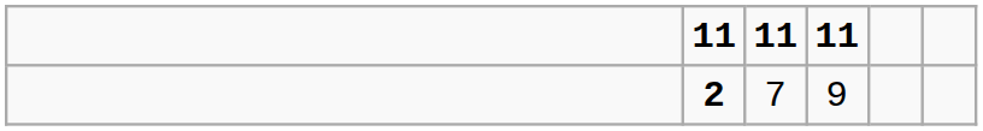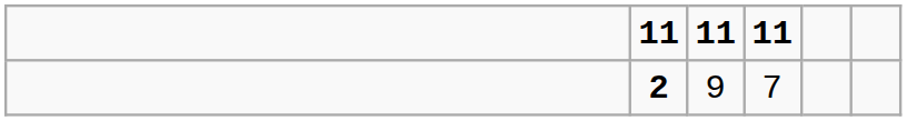 <table class="wikitable">
 <tr>
 <td style="width:18em"><strong></strong></td>
 <td align=center style="width:1em"><strong>11</strong></td>
 <td align=center style="width:1em"><strong>11</strong></td>
 <td align=center style="width:1em"><strong>11</strong></td>
 <td align=center style="width:1em"></td>
 <td align=center style="width:1em"></td>
 </tr>
 <tr>
 <td style="width:18em"></td>
 <td align=center style="width:1em"><strong>2</strong></td>
+<td align=center style="width:1em">9</td>
 <td align=center style="width:1em">7</td>
-<td align=center style="width:1em">9</td>
 <td align=center style="width:1em"></td>
 <td align=center style="width:1em"></td>
 </tr>
 </table>
